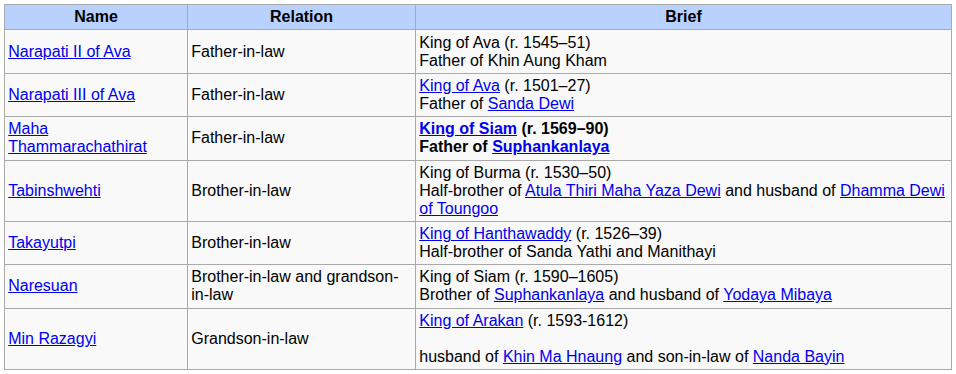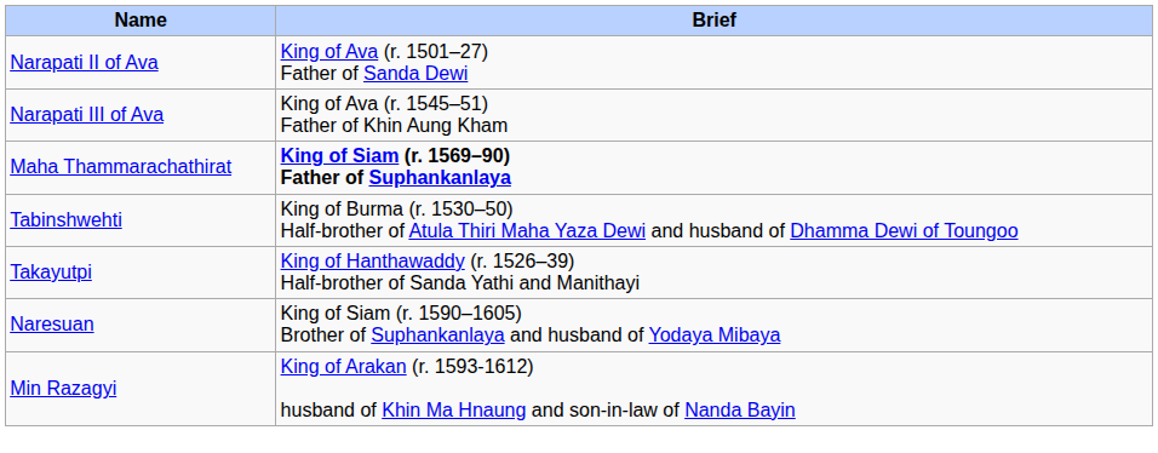 <table width=75% class="wikitable">
 <tr>
 <th style="background-color:#B9D1FF">Name</th>
-<th style="background-color:#B9D1FF">Relation</th>
 <th style="background-color:#B9D1FF">Brief</th>
 </tr>
 <tr>
 <td><a href='#'>Narapati II of Ava</a></td>
-<td>Father-in-law</td>
+<td><a href='#'>King of Ava</a> (r. 1501–27) <br> Father of <a href='#'>Sanda Dewi</a></td>
+</tr>
+<tr>
+<td><a href='#'>Narapati III of Ava</a></td>
 <td>King of Ava (r. 1545–51) <br> Father of Khin Aung Kham</td>
 </tr>
 <tr>
-<td><a href='#'>Narapati III of Ava</a></td>
-<td>Father-in-law</td>
-<td><a href='#'>King of Ava</a> (r. 1501–27) <br> Father of <a href='#'>Sanda Dewi</a></td>
-</tr>
-<tr>
 <td><a href='#'>Maha Thammarachathirat</a></td>
-<td>Father-in-law</td>
 <td><strong><a href='#'>King of Siam</a> (r. 1569–90) <br> Father of <a href='#'>Suphankanlaya</a></strong></td>
 </tr>
 <tr>
 <td><a href='#'>Tabinshwehti</a></td>
-<td>Brother-in-law</td>
 <td>King of Burma (r. 1530–50) <br> Half-brother of <a href='#'>Atula Thiri Maha Yaza Dewi</a> and husband of <a href='#'>Dhamma Dewi of Toungoo</a></td>
 </tr>
 <tr>
 <td><a href='#'>Takayutpi</a></td>
-<td>Brother-in-law</td>
 <td><a href='#'>King of Hanthawaddy</a> (r. 1526–39) <br> Half-brother of Sanda Yathi and Manithayi</td>
 </tr>
 <tr>
 <td><a href='#'>Naresuan</a></td>
-<td>Brother-in-law and grandson-in-law</td>
 <td>King of Siam (r. 1590–1605) <br> Brother of <a href='#'>Suphankanlaya</a> and husband of <a href='#'>Yodaya Mibaya</a></td>
 </tr>
 <tr>
 <td><a href='#'>Min Razagyi</a></td>
-<td>Grandson-in-law</td>
 <td><a href='#'>King of Arakan</a> (r. 1593-1612) <br><br>husband of <a href='#'>Khin Ma Hnaung</a> and son-in-law of  <a href='#'>Nanda Bayin</a></td>
 </tr>
 </table>
